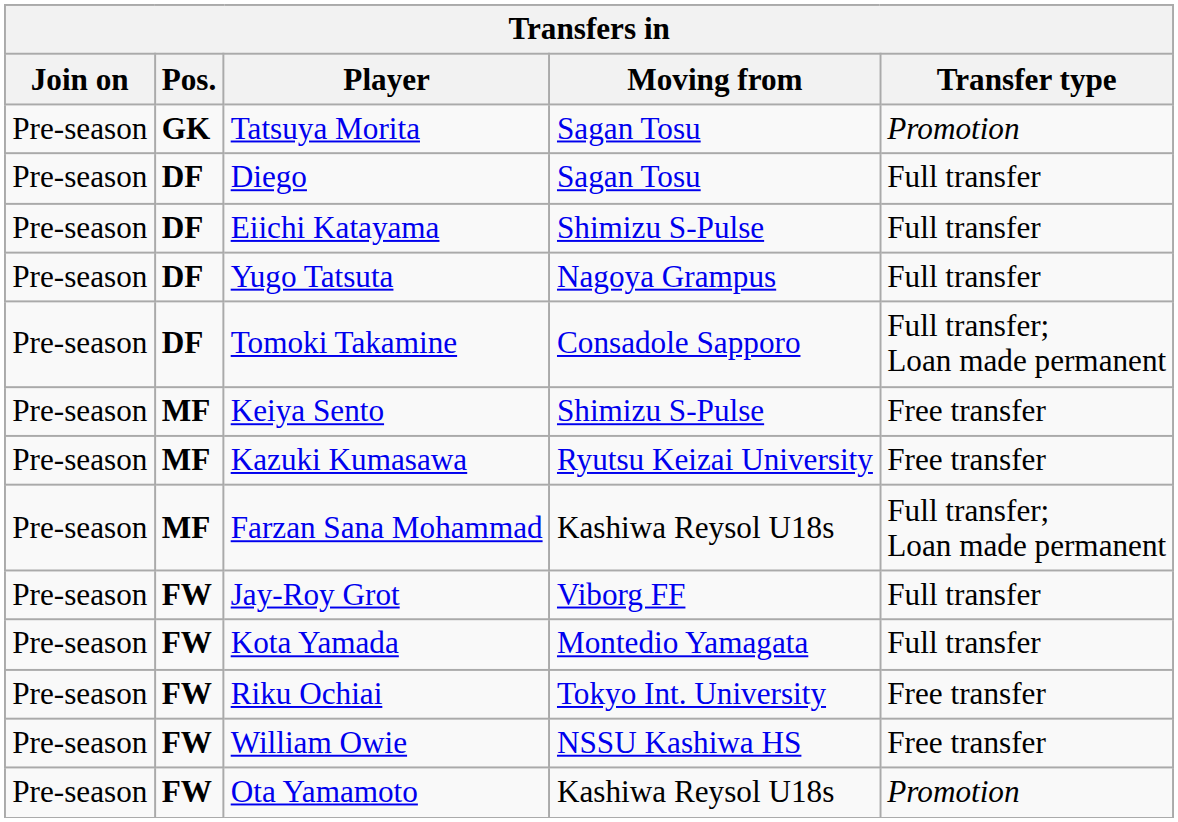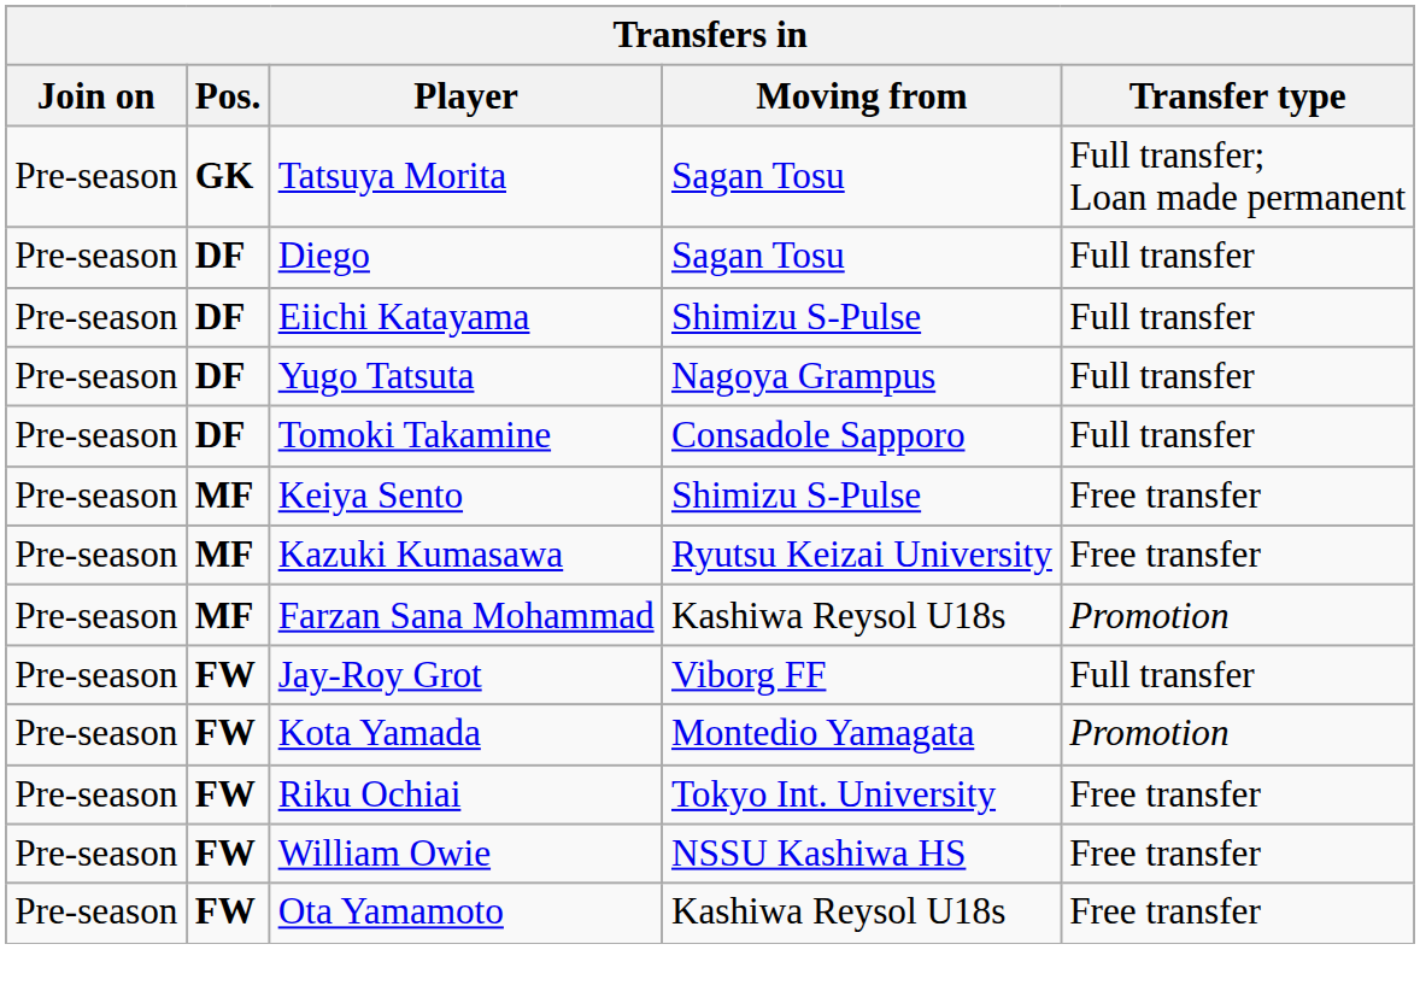 <table class="wikitable sortable" style=“text-align:left;>
 <tr>
 <th colspan="5">Transfers in</th>
 </tr>
 <tr>
 <th>Join on</th>
 <th>Pos.</th>
 <th>Player</th>
 <th>Moving from</th>
 <th>Transfer type</th>
 </tr>
 <tr>
 <td>Pre-season</td>
 <td><strong>GK</strong></td>
 <td> <a href='#'>Tatsuya Morita</a></td>
 <td> <a href='#'>Sagan Tosu</a></td>
-<td><em>Promotion</em></td>
+<td>Full transfer;<br> Loan made permanent</td>
 </tr>
 <tr>
 <td>Pre-season</td>
 <td><strong>DF</strong></td>
 <td> <a href='#'>Diego</a></td>
 <td> <a href='#'>Sagan Tosu</a></td>
 <td>Full transfer</td>
 </tr>
 <tr>
 <td>Pre-season</td>
 <td><strong>DF</strong></td>
 <td> <a href='#'>Eiichi Katayama</a></td>
 <td> <a href='#'>Shimizu S-Pulse</a></td>
 <td>Full transfer</td>
 </tr>
 <tr>
 <td>Pre-season</td>
 <td><strong>DF</strong></td>
 <td> <a href='#'>Yugo Tatsuta</a></td>
 <td> <a href='#'>Nagoya Grampus</a></td>
 <td>Full transfer</td>
 </tr>
 <tr>
 <td>Pre-season</td>
 <td><strong>DF</strong></td>
 <td> <a href='#'>Tomoki Takamine</a></td>
 <td> <a href='#'>Consadole Sapporo</a></td>
-<td>Full transfer;<br> Loan made permanent</td>
+<td>Full transfer</td>
 </tr>
 <tr>
 <td>Pre-season</td>
 <td><strong>MF</strong></td>
 <td> <a href='#'>Keiya Sento</a></td>
 <td> <a href='#'>Shimizu S-Pulse</a></td>
 <td>Free transfer</td>
 </tr>
 <tr>
 <td>Pre-season</td>
 <td><strong>MF</strong></td>
 <td> <a href='#'>Kazuki Kumasawa</a></td>
 <td> <a href='#'>Ryutsu Keizai University</a></td>
 <td>Free transfer</td>
 </tr>
 <tr>
 <td>Pre-season</td>
 <td><strong>MF</strong></td>
 <td> <a href='#'>Farzan Sana Mohammad</a></td>
 <td>Kashiwa Reysol U18s</td>
-<td>Full transfer;<br> Loan made permanent</td>
+<td><em>Promotion</em></td>
 </tr>
 <tr>
 <td>Pre-season</td>
 <td><strong>FW</strong></td>
 <td> <a href='#'>Jay-Roy Grot</a></td>
 <td> <a href='#'>Viborg FF</a></td>
 <td>Full transfer</td>
 </tr>
 <tr>
 <td>Pre-season</td>
 <td><strong>FW</strong></td>
 <td> <a href='#'>Kota Yamada</a></td>
 <td> <a href='#'>Montedio Yamagata</a></td>
-<td>Full transfer</td>
+<td><em>Promotion</em></td>
 </tr>
 <tr>
 <td>Pre-season</td>
 <td><strong>FW</strong></td>
 <td> <a href='#'>Riku Ochiai</a></td>
 <td> <a href='#'>Tokyo Int. University</a></td>
 <td>Free transfer</td>
 </tr>
 <tr>
 <td>Pre-season</td>
 <td><strong>FW</strong></td>
 <td> <a href='#'>William Owie</a></td>
 <td> <a href='#'>NSSU Kashiwa HS</a></td>
 <td>Free transfer</td>
 </tr>
 <tr>
 <td>Pre-season</td>
 <td><strong>FW</strong></td>
 <td> <a href='#'>Ota Yamamoto</a></td>
 <td>Kashiwa Reysol U18s</td>
-<td><em>Promotion</em></td>
+<td>Free transfer</td>
 </tr>
 <tr>
 </tr>
 </table>
